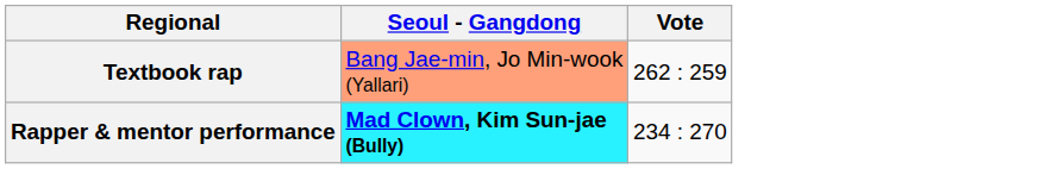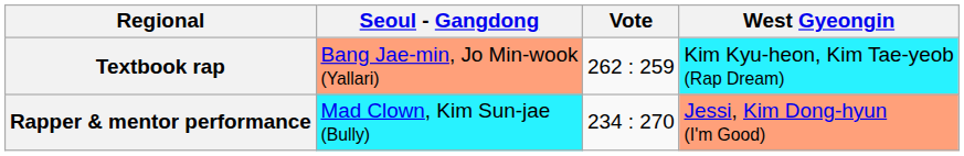 <table class="wikitable">
 <tr>
 <th>Regional</th>
 <th><a href='#'>Seoul</a> - <a href='#'>Gangdong</a></th>
 <th>Vote</th>
+<th>West <a href='#'>Gyeongin</a></th>
 </tr>
 <tr>
 <th>Textbook rap</th>
 <td style="background:#FFA07A;"><a href='#'>Bang Jae-min</a>, Jo Min-wook <br> <small>(Yallari)</small></td>
 <td>262 : 259</td>
+<td style="background:#28f2ff;">Kim Kyu-heon, Kim Tae-yeob <br> <small>(Rap Dream)</small></td>
 </tr>
 <tr>
 <th>Rapper & mentor performance</th>
-<td style="background:#28f2ff;"><strong><a href='#'>Mad Clown</a>, Kim Sun-jae <br> <small>(Bully)</small></strong></td>
+<td style="background:#28f2ff;"><a href='#'>Mad Clown</a>, Kim Sun-jae <br> <small>(Bully)</small></td>
 <td>234 : 270</td>
+<td style="background:#FFA07A;"><a href='#'>Jessi</a>, <a href='#'>Kim Dong-hyun</a> <br> <small>(I'm Good)</small></td>
 </tr>
 </table>
